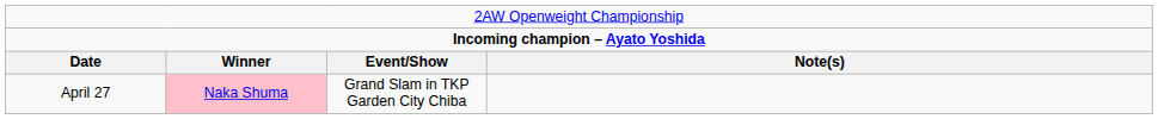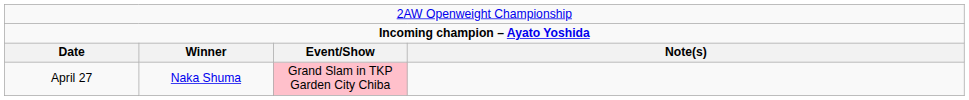 <table class="wikitable" style="text-align:center; width:100%;">
 <tr>
 <td colspan="4" style="text-align: center;"><a href='#'>2AW Openweight Championship</a></td>
 </tr>
 <tr>
 <td colspan="4" style="text-align: center;"><strong>Incoming champion – <a href='#'>Ayato Yoshida</a></strong></td>
 </tr>
 <tr>
 <th width=14%>Date</th>
 <th width=14%>Winner</th>
 <th width=14%>Event/Show</th>
 <th width=58%>Note(s)</th>
 </tr>
 <tr>
 <td>April 27<br></td>
-<td style="background: pink;"><a href='#'>Naka Shuma</a></td>
-<td>Grand Slam in TKP Garden City Chiba</td>
+<td><a href='#'>Naka Shuma</a></td>
+<td style="background: pink;">Grand Slam in TKP Garden City Chiba</td>
 <td></td>
 </tr>
 </table>
